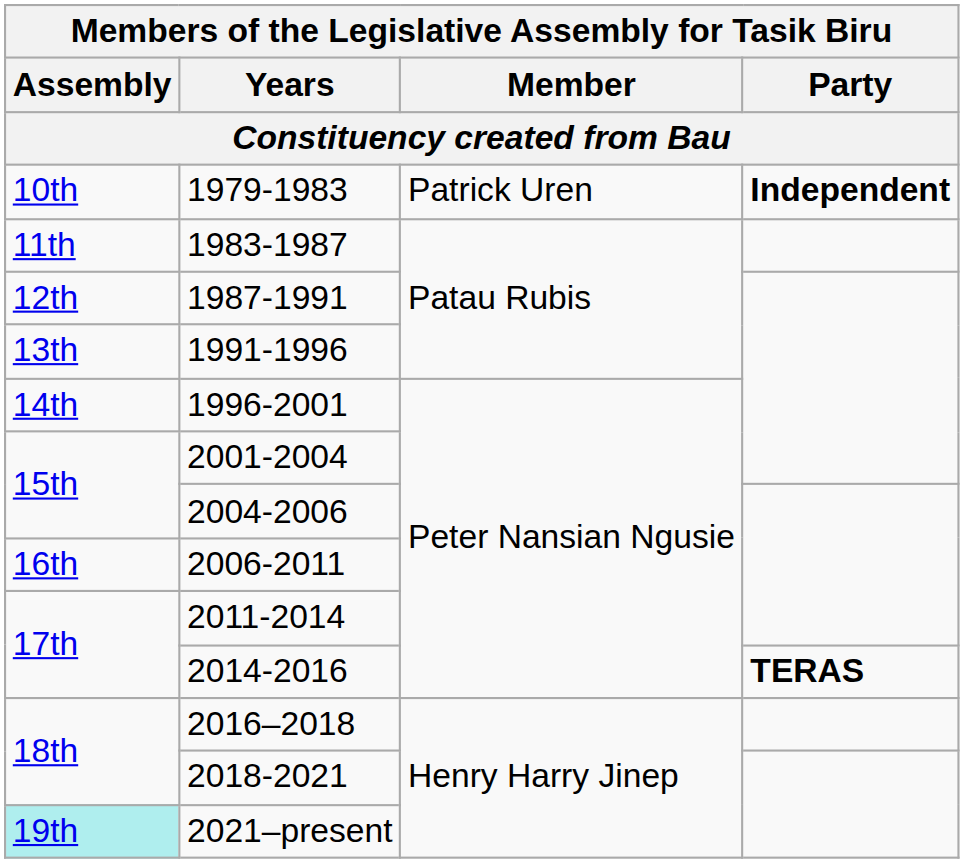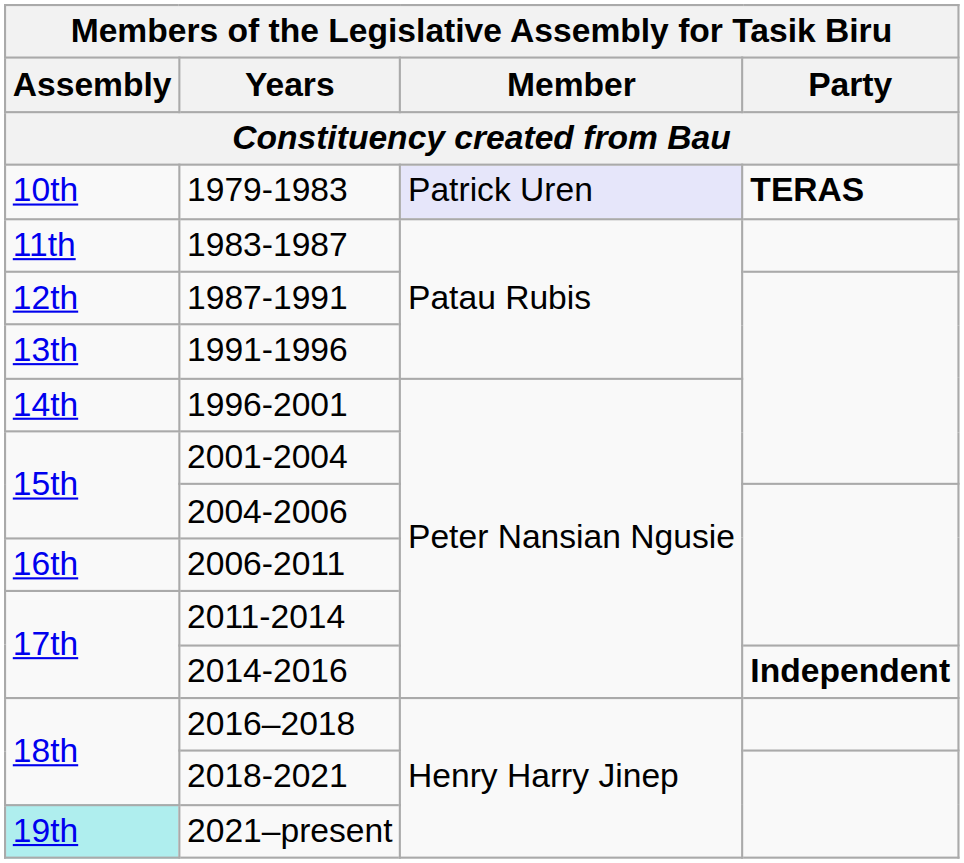 <table class=wikitable>
 <tr>
 <th colspan="4">Members of the Legislative Assembly for Tasik Biru</th>
 </tr>
 <tr>
 <th>Assembly</th>
 <th>Years</th>
 <th>Member</th>
 <th>Party</th>
 </tr>
 <tr>
 <th colspan=4 align=center><em>Constituency created from Bau</em></th>
 </tr>
 <tr>
 <td><a href='#'>10th</a></td>
 <td>1979-1983</td>
-<td>Patrick Uren</td>
-<td><strong>Independent</strong></td>
+<td style="background: lavender;">Patrick Uren</td>
+<td><strong>TERAS</strong></td>
 </tr>
 <tr>
 <td><a href='#'>11th</a></td>
 <td>1983-1987</td>
 <td rowspan=3>Patau Rubis</td>
 <td></td>
 </tr>
 <tr>
 <td><a href='#'>12th</a></td>
 <td>1987-1991</td>
 <td rowspan=4></td>
 </tr>
 <tr>
 <td><a href='#'>13th</a></td>
 <td>1991-1996</td>
 </tr>
 <tr>
 <td><a href='#'>14th</a></td>
 <td>1996-2001</td>
 <td rowspan=6>Peter Nansian Ngusie</td>
 </tr>
 <tr>
 <td rowspan=2><a href='#'>15th</a></td>
 <td>2001-2004</td>
 </tr>
 <tr>
 <td>2004-2006</td>
 <td rowspan=3></td>
 </tr>
 <tr>
 <td><a href='#'>16th</a></td>
 <td>2006-2011</td>
 </tr>
 <tr>
 <td rowspan=2><a href='#'>17th</a></td>
 <td>2011-2014</td>
 </tr>
 <tr>
 <td>2014-2016</td>
-<td><strong>TERAS</strong></td>
+<td><strong>Independent</strong></td>
 </tr>
 <tr>
 <td rowspan=2><a href='#'>18th</a></td>
 <td>2016–2018</td>
 <td rowspan="3">Henry Harry Jinep</td>
 <td></td>
 </tr>
 <tr>
 <td>2018-2021</td>
 <td rowspan="2"></td>
 </tr>
 <tr>
 <td style="background: paleturquoise;"><a href='#'>19th</a></td>
 <td>2021–present</td>
 </tr>
 </table>
